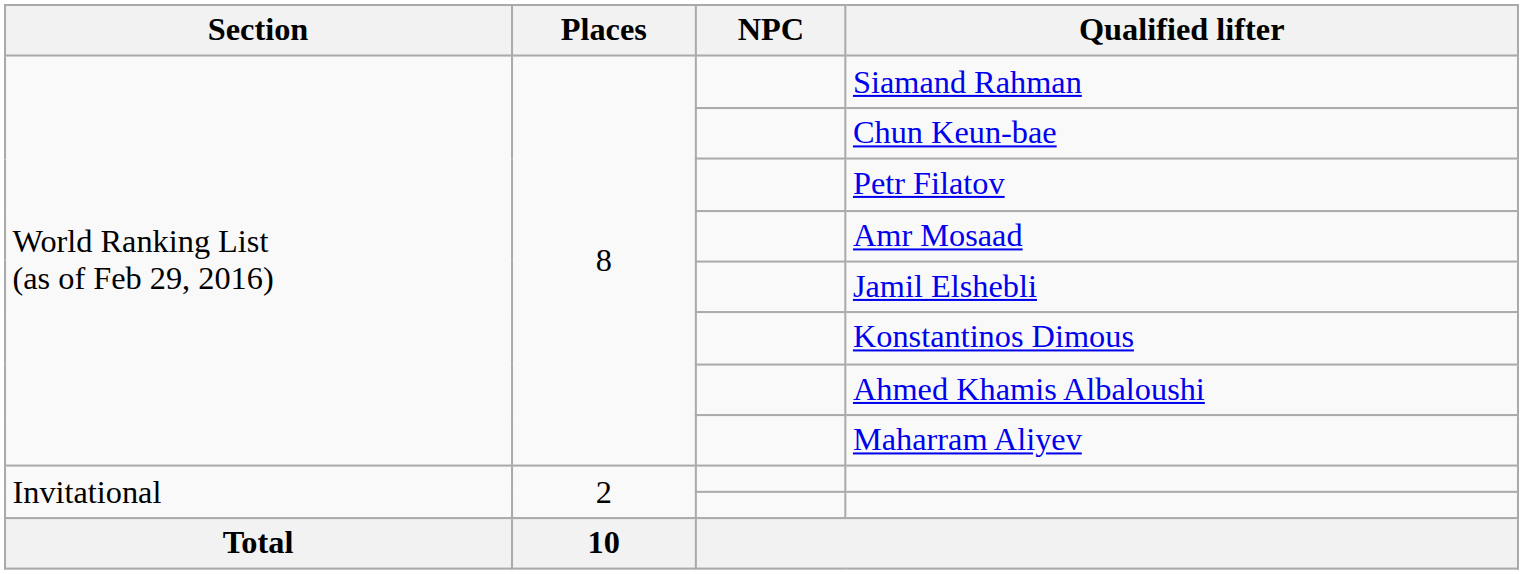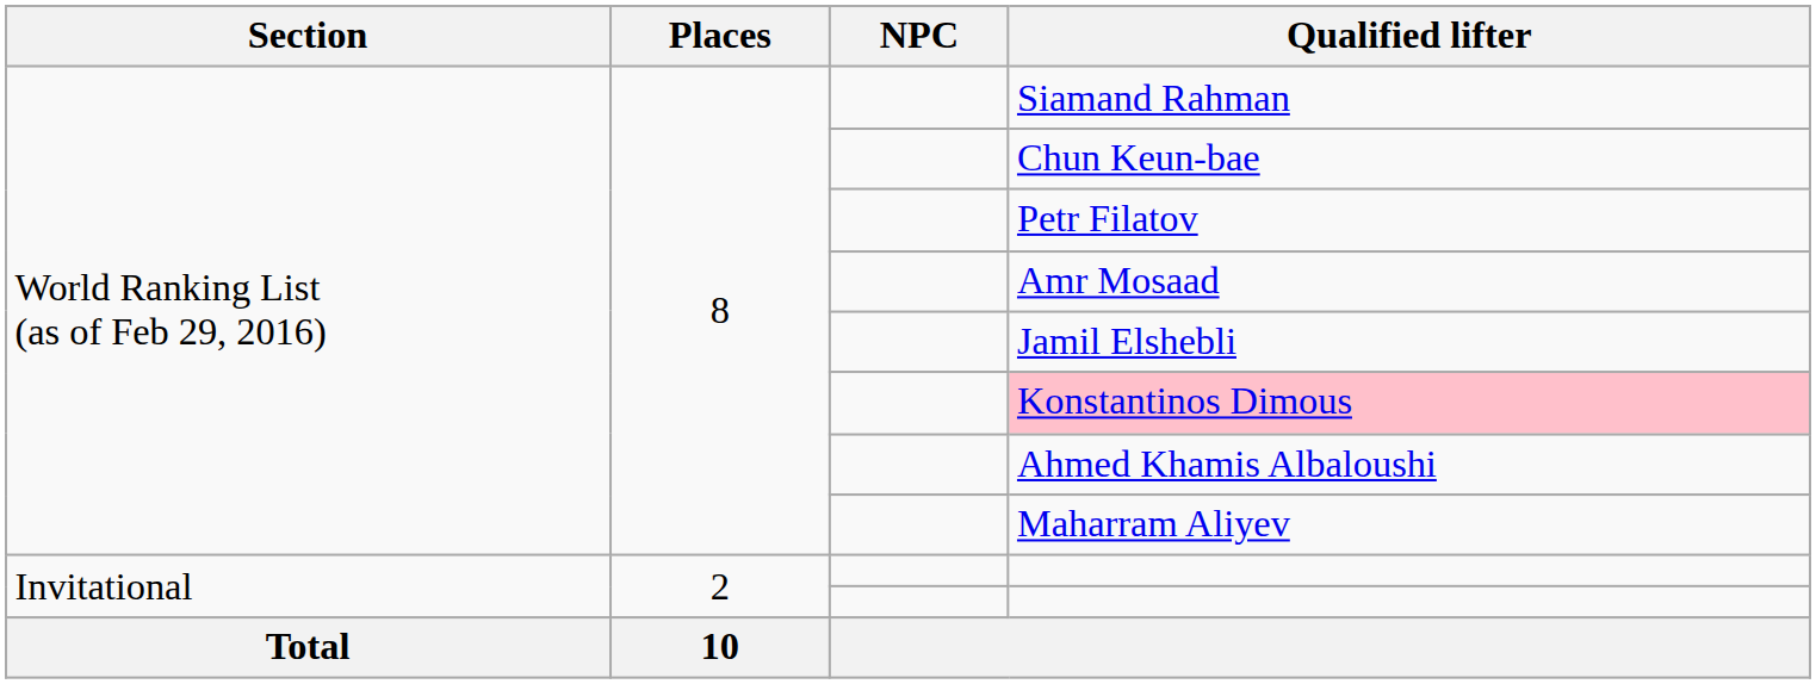 <table class="wikitable"  width=750>
 <tr>
 <th>Section</th>
 <th>Places</th>
 <th>NPC</th>
 <th>Qualified lifter</th>
 </tr>
 <tr>
 <td rowspan=8>World Ranking List<br>(as of Feb 29, 2016)</td>
 <td rowspan=8 align=center>8</td>
 <td></td>
 <td><a href='#'>Siamand Rahman</a></td>
 </tr>
 <tr>
 <td></td>
 <td><a href='#'>Chun Keun-bae</a></td>
 </tr>
 <tr>
 <td></td>
 <td><a href='#'>Petr Filatov</a></td>
 </tr>
 <tr>
 <td></td>
 <td><a href='#'>Amr Mosaad</a></td>
 </tr>
 <tr>
 <td></td>
 <td><a href='#'>Jamil Elshebli</a></td>
 </tr>
 <tr>
 <td></td>
-<td><a href='#'>Konstantinos Dimous</a></td>
+<td style="background: pink;"><a href='#'>Konstantinos Dimous</a></td>
 </tr>
 <tr>
 <td></td>
 <td><a href='#'>Ahmed Khamis Albaloushi</a></td>
 </tr>
 <tr>
 <td></td>
 <td><a href='#'>Maharram Aliyev</a></td>
 </tr>
 <tr>
 <td rowspan=2>Invitational</td>
 <td rowspan="2" align=center>2</td>
 <td></td>
 <td></td>
 </tr>
 <tr>
 <td></td>
 <td></td>
 </tr>
 <tr>
 <th>Total</th>
 <th>10</th>
 <th colspan=2></th>
 </tr>
 </table>
